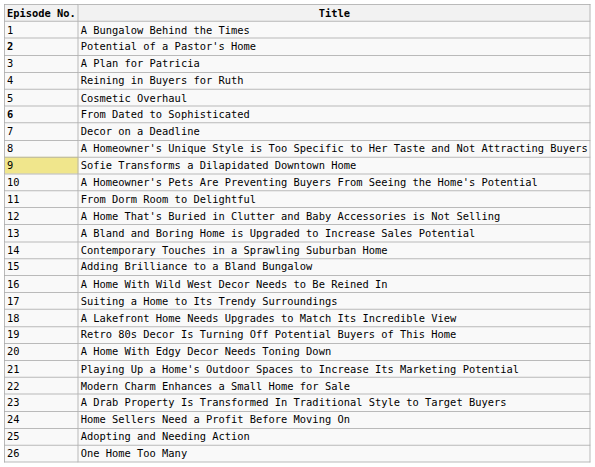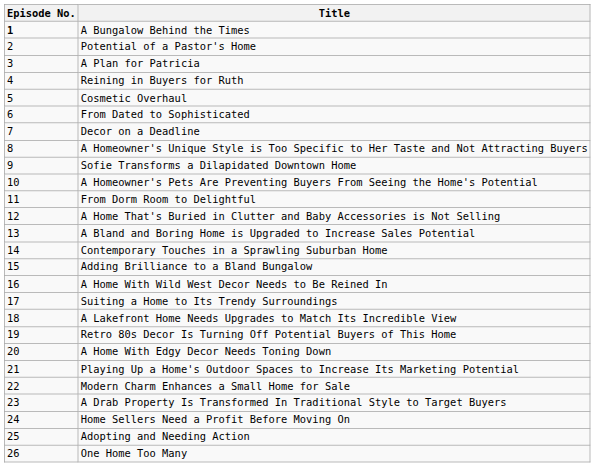 <table class="wikitable">
 <tr>
 <th>Episode No.</th>
 <th>Title</th>
 </tr>
 <tr>
-<td>1</td>
+<td><strong>1</strong></td>
 <td>A Bungalow Behind the Times</td>
 </tr>
 <tr>
-<td><strong>2</strong></td>
+<td>2</td>
 <td>Potential of a Pastor's Home</td>
 </tr>
 <tr>
 <td>3</td>
 <td>A Plan for Patricia</td>
 </tr>
 <tr>
 <td>4</td>
 <td>Reining in Buyers for Ruth</td>
 </tr>
 <tr>
 <td>5</td>
 <td>Cosmetic Overhaul</td>
 </tr>
 <tr>
-<td><strong>6</strong></td>
+<td>6</td>
 <td>From Dated to Sophisticated</td>
 </tr>
 <tr>
 <td>7</td>
 <td>Decor on a Deadline</td>
 </tr>
 <tr>
 <td>8</td>
 <td>A Homeowner's Unique Style is Too Specific to Her Taste and Not Attracting Buyers</td>
 </tr>
 <tr>
-<td style="background: khaki;">9</td>
+<td>9</td>
 <td>Sofie Transforms a Dilapidated Downtown Home</td>
 </tr>
 <tr>
 <td>10</td>
 <td>A Homeowner's Pets Are Preventing Buyers From Seeing the Home's Potential</td>
 </tr>
 <tr>
 <td>11</td>
 <td>From Dorm Room to Delightful</td>
 </tr>
 <tr>
 <td>12</td>
 <td>A Home That's Buried in Clutter and Baby Accessories is Not Selling</td>
 </tr>
 <tr>
 <td>13</td>
 <td>A Bland and Boring Home is Upgraded to Increase Sales Potential</td>
 </tr>
 <tr>
 <td>14</td>
 <td>Contemporary Touches in a Sprawling Suburban Home</td>
 </tr>
 <tr>
 <td>15</td>
 <td>Adding Brilliance to a Bland Bungalow</td>
 </tr>
 <tr>
 <td>16</td>
 <td>A Home With Wild West Decor Needs to Be Reined In</td>
 </tr>
 <tr>
 <td>17</td>
 <td>Suiting a Home to Its Trendy Surroundings</td>
 </tr>
 <tr>
 <td>18</td>
 <td>A Lakefront Home Needs Upgrades to Match Its Incredible View</td>
 </tr>
 <tr>
 <td>19</td>
 <td>Retro 80s Decor Is Turning Off Potential Buyers of This Home</td>
 </tr>
 <tr>
 <td>20</td>
 <td>A Home With Edgy Decor Needs Toning Down</td>
 </tr>
 <tr>
 <td>21</td>
 <td>Playing Up a Home's Outdoor Spaces to Increase Its Marketing Potential</td>
 </tr>
 <tr>
 <td>22</td>
 <td>Modern Charm Enhances a Small Home for Sale</td>
 </tr>
 <tr>
 <td>23</td>
 <td>A Drab Property Is Transformed In Traditional Style to Target Buyers</td>
 </tr>
 <tr>
 <td>24</td>
 <td>Home Sellers Need a Profit Before Moving On</td>
 </tr>
 <tr>
 <td>25</td>
 <td>Adopting and Needing Action</td>
 </tr>
 <tr>
 <td>26</td>
 <td>One Home Too Many</td>
 </tr>
 </table>
